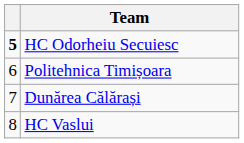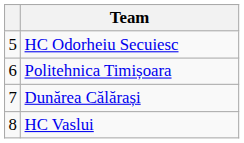 <table class="wikitable sortable" style="text-align:center">
 <tr>
 <th></th>
 <th width="200">Team</th>
 </tr>
 <tr>
-<td><strong>5</strong></td>
+<td>5</td>
 <td align=left><a href='#'>HC Odorheiu Secuiesc</a></td>
 </tr>
 <tr>
 <td>6</td>
 <td align=left><a href='#'>Politehnica Timișoara</a></td>
 </tr>
 <tr>
 <td>7</td>
 <td align=left><a href='#'>Dunărea Călărași</a></td>
 </tr>
 <tr>
 <td>8</td>
 <td align=left><a href='#'>HC Vaslui</a></td>
 </tr>
 </table>
